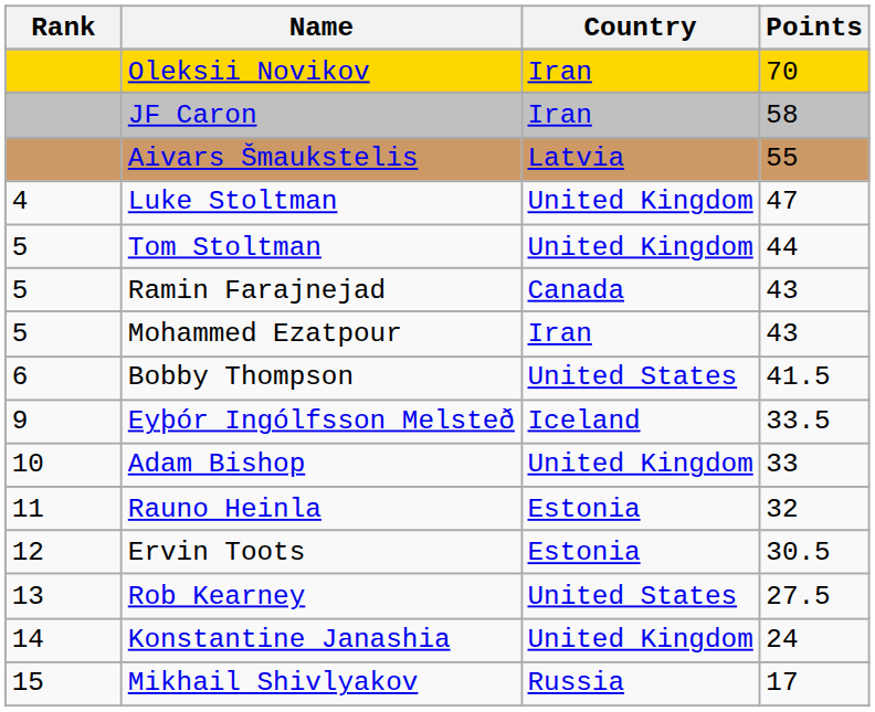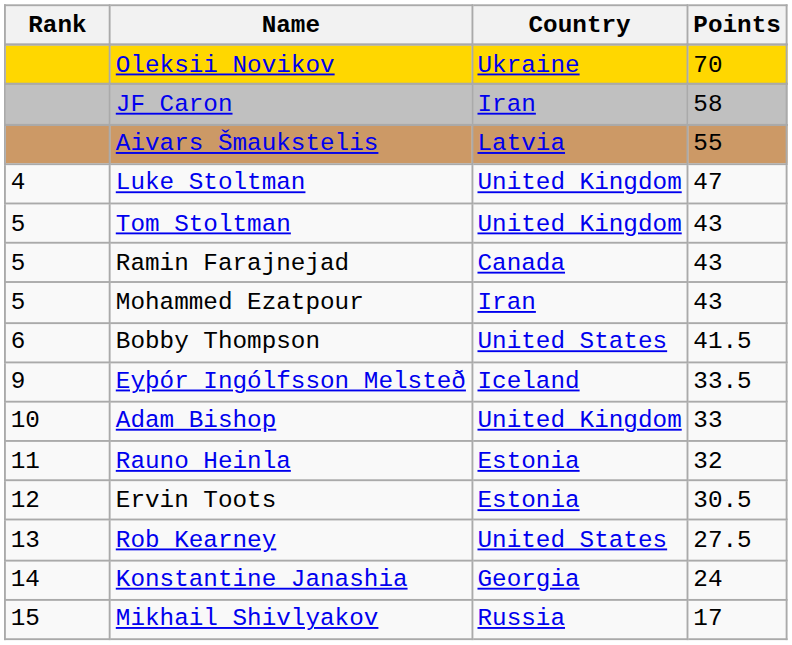 <table class="wikitable" style="display: inline-table;">
 <tr>
 <th style="width: 50px;">Rank</th>
 <th>Name</th>
 <th>Country</th>
 <th>Points</th>
 </tr>
 <tr 30>
 </tr>
 <tr style="background:gold;">
 <td></td>
 <td><a href='#'>Oleksii Novikov</a></td>
-<td> <a href='#'>Iran</a></td>
+<td> <a href='#'>Ukraine</a></td>
 <td>70</td>
 </tr>
 <tr>
 </tr>
 <tr style="background:silver;">
 <td></td>
 <td><a href='#'>JF Caron</a></td>
 <td> <a href='#'>Iran</a></td>
 <td>58</td>
 </tr>
 <tr>
 </tr>
 <tr style="background:#c96;">
 <td></td>
 <td><a href='#'>Aivars Šmaukstelis</a></td>
 <td> <a href='#'>Latvia</a></td>
 <td>55</td>
 </tr>
 <tr>
 <td>4</td>
 <td><a href='#'>Luke Stoltman</a></td>
 <td> <a href='#'>United Kingdom</a></td>
 <td>47</td>
 </tr>
 <tr>
 <td>5</td>
 <td><a href='#'>Tom Stoltman</a></td>
 <td> <a href='#'>United Kingdom</a></td>
-<td>44</td>
+<td>43</td>
 </tr>
 <tr>
 <td>5</td>
 <td>Ramin Farajnejad</td>
 <td> <a href='#'>Canada</a></td>
 <td>43</td>
 </tr>
 <tr>
 <td>5</td>
 <td>Mohammed Ezatpour</td>
 <td> <a href='#'>Iran</a></td>
 <td>43</td>
 </tr>
 <tr>
 <td>6</td>
 <td>Bobby Thompson</td>
 <td> <a href='#'>United States</a></td>
 <td>41.5</td>
 </tr>
 <tr>
 <td>9</td>
 <td><a href='#'>Eyþór Ingólfsson Melsteð</a></td>
 <td> <a href='#'>Iceland</a></td>
 <td>33.5</td>
 </tr>
 <tr>
 <td>10</td>
 <td><a href='#'>Adam Bishop</a></td>
 <td> <a href='#'>United Kingdom</a></td>
 <td>33</td>
 </tr>
 <tr>
 <td>11</td>
 <td><a href='#'>Rauno Heinla</a></td>
 <td> <a href='#'>Estonia</a></td>
 <td>32</td>
 </tr>
 <tr>
 <td>12</td>
 <td>Ervin Toots</td>
 <td> <a href='#'>Estonia</a></td>
 <td>30.5</td>
 </tr>
 <tr>
 <td>13</td>
 <td><a href='#'>Rob Kearney</a></td>
 <td> <a href='#'>United States</a></td>
 <td>27.5</td>
 </tr>
 <tr>
 <td>14</td>
 <td><a href='#'>Konstantine Janashia</a></td>
-<td> <a href='#'>United Kingdom</a></td>
+<td> <a href='#'>Georgia</a></td>
 <td>24</td>
 </tr>
 <tr>
 <td>15</td>
 <td><a href='#'>Mikhail Shivlyakov</a></td>
 <td> <a href='#'>Russia</a></td>
 <td>17</td>
 </tr>
 </table>
